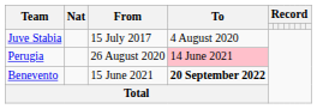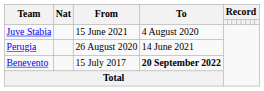 <table class="wikitable" style="text-align: center">
 <tr>
 <th rowspan="2">Team</th>
 <th rowspan="2">Nat</th>
 <th rowspan="2">From</th>
 <th rowspan="2">To</th>
 <th colspan="8">Record</th>
 </tr>
 <tr>
 <th></th>
 <th></th>
 <th></th>
 <th></th>
 <th></th>
 <th></th>
 <th></th>
 <th></th>
 </tr>
 <tr>
 <td align=left><a href='#'>Juve Stabia</a></td>
 <td></td>
-<td align=left>15 July 2017</td>
+<td align=left>15 June 2021</td>
 <td align=left>4 August 2020<br></td>
 </tr>
 <tr>
 <td align=left><a href='#'>Perugia</a></td>
 <td></td>
 <td align=left>26 August 2020</td>
-<td align=left style="background: pink;">14 June 2021<br></td>
+<td align=left>14 June 2021<br></td>
 </tr>
 <tr>
 <td align=left><a href='#'>Benevento</a></td>
 <td></td>
-<td align=left>15 June 2021</td>
+<td align=left>15 July 2017</td>
 <td align=left><strong>20 September 2022<br></strong></td>
 </tr>
 <tr>
 <th colspan="4">Total<br></th>
 </tr>
 </table>
